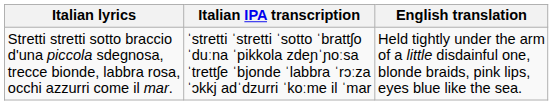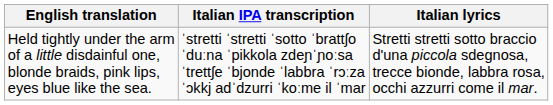 <table class="wikitable">
 <tr>
+<th>English translation</th>
+<th>Italian <a href='#'>IPA</a> transcription</th>
 <th>Italian lyrics</th>
-<th>Italian <a href='#'>IPA</a> transcription</th>
-<th>English translation</th>
 </tr>
 <tr style="vertical-align:top; white-space:nowrap;">
+<td>Held tightly under the arm<br>of a <em>little</em> disdainful one,<br>blonde braids, pink lips,<br>eyes blue like the sea.</td>
+<td>ˈstretti ˈstretti ˈsotto ˈbrattʃo<br>ˈduːna ˈpikkola zdeɲˈɲoːsa<br>ˈtrettʃe ˈbjonde ˈlabbra ˈrɔːza<br>ˈɔkkj adˈdzurri ˈkoːme il ˈmar</td>
 <td>Stretti stretti sotto braccio<br>d'una <em>piccola</em> sdegnosa,<br>trecce bionde, labbra rosa,<br>occhi azzurri come il <em>mar</em>.</td>
-<td>ˈstretti ˈstretti ˈsotto ˈbrattʃo<br>ˈduːna ˈpikkola zdeɲˈɲoːsa<br>ˈtrettʃe ˈbjonde ˈlabbra ˈrɔːza<br>ˈɔkkj adˈdzurri ˈkoːme il ˈmar</td>
-<td>Held tightly under the arm<br>of a <em>little</em> disdainful one,<br>blonde braids, pink lips,<br>eyes blue like the sea.</td>
 </tr>
 </table>
